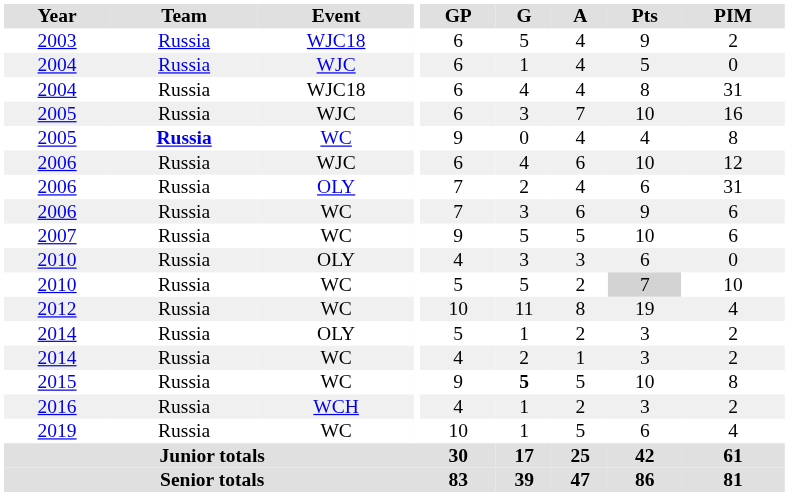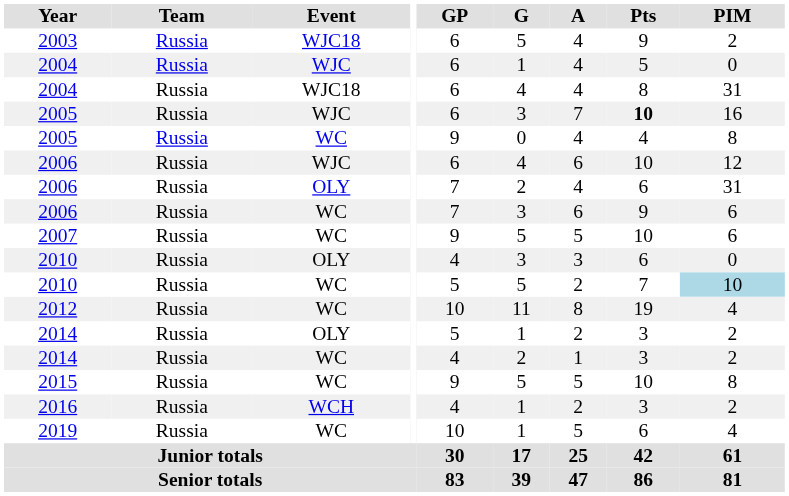 <table border="0" cellpadding="1" cellspacing="0" ID="Table3" style="text-align:center; width:40em">
 <tr bgcolor="#e0e0e0">
 <th>Year</th>
 <th>Team</th>
 <th>Event</th>
 <th rowspan="102" bgcolor="#ffffff"></th>
 <th>GP</th>
 <th>G</th>
 <th>A</th>
 <th>Pts</th>
 <th>PIM</th>
 </tr>
 <tr>
 <td><a href='#'>2003</a></td>
 <td><a href='#'>Russia</a></td>
 <td><a href='#'>WJC18</a></td>
 <td>6</td>
 <td>5</td>
 <td>4</td>
 <td>9</td>
 <td>2</td>
 </tr>
 <tr bgcolor="#f0f0f0">
 <td><a href='#'>2004</a></td>
 <td><a href='#'>Russia</a></td>
 <td><a href='#'>WJC</a></td>
 <td>6</td>
 <td>1</td>
 <td>4</td>
 <td>5</td>
 <td>0</td>
 </tr>
 <tr>
 <td><a href='#'>2004</a></td>
 <td>Russia</td>
 <td>WJC18</td>
 <td>6</td>
 <td>4</td>
 <td>4</td>
 <td>8</td>
 <td>31</td>
 </tr>
 <tr bgcolor="#f0f0f0">
 <td><a href='#'>2005</a></td>
 <td>Russia</td>
 <td>WJC</td>
 <td>6</td>
 <td>3</td>
 <td>7</td>
-<td>10</td>
+<td><strong>10</strong></td>
 <td>16</td>
 </tr>
 <tr>
 <td><a href='#'>2005</a></td>
-<td><strong><a href='#'>Russia</a></strong></td>
+<td><a href='#'>Russia</a></td>
 <td><a href='#'>WC</a></td>
 <td>9</td>
 <td>0</td>
 <td>4</td>
 <td>4</td>
 <td>8</td>
 </tr>
 <tr bgcolor="#f0f0f0">
 <td><a href='#'>2006</a></td>
 <td>Russia</td>
 <td>WJC</td>
 <td>6</td>
 <td>4</td>
 <td>6</td>
 <td>10</td>
 <td>12</td>
 </tr>
 <tr>
 <td><a href='#'>2006</a></td>
 <td>Russia</td>
 <td><a href='#'>OLY</a></td>
 <td>7</td>
 <td>2</td>
 <td>4</td>
 <td>6</td>
 <td>31</td>
 </tr>
 <tr bgcolor="#f0f0f0">
 <td><a href='#'>2006</a></td>
 <td>Russia</td>
 <td>WC</td>
 <td>7</td>
 <td>3</td>
 <td>6</td>
 <td>9</td>
 <td>6</td>
 </tr>
 <tr>
 <td><a href='#'>2007</a></td>
 <td>Russia</td>
 <td>WC</td>
 <td>9</td>
 <td>5</td>
 <td>5</td>
 <td>10</td>
 <td>6</td>
 </tr>
 <tr bgcolor="#f0f0f0">
 <td><a href='#'>2010</a></td>
 <td>Russia</td>
 <td>OLY</td>
 <td>4</td>
 <td>3</td>
 <td>3</td>
 <td>6</td>
 <td>0</td>
 </tr>
 <tr>
 <td><a href='#'>2010</a></td>
 <td>Russia</td>
 <td>WC</td>
 <td>5</td>
 <td>5</td>
 <td>2</td>
-<td style="background: lightgrey;">7</td>
-<td>10</td>
+<td>7</td>
+<td style="background: lightblue;">10</td>
 </tr>
 <tr bgcolor="#f0f0f0">
 <td><a href='#'>2012</a></td>
 <td>Russia</td>
 <td>WC</td>
 <td>10</td>
 <td>11</td>
 <td>8</td>
 <td>19</td>
 <td>4</td>
 </tr>
 <tr>
 <td><a href='#'>2014</a></td>
 <td>Russia</td>
 <td>OLY</td>
 <td>5</td>
 <td>1</td>
 <td>2</td>
 <td>3</td>
 <td>2</td>
 </tr>
 <tr bgcolor="#f0f0f0">
 <td><a href='#'>2014</a></td>
 <td>Russia</td>
 <td>WC</td>
 <td>4</td>
 <td>2</td>
 <td>1</td>
 <td>3</td>
 <td>2</td>
 </tr>
 <tr>
 <td><a href='#'>2015</a></td>
 <td>Russia</td>
 <td>WC</td>
 <td>9</td>
-<td><strong>5</strong></td>
+<td>5</td>
 <td>5</td>
 <td>10</td>
 <td>8</td>
 </tr>
 <tr bgcolor="#f0f0f0">
 <td><a href='#'>2016</a></td>
 <td>Russia</td>
 <td><a href='#'>WCH</a></td>
 <td>4</td>
 <td>1</td>
 <td>2</td>
 <td>3</td>
 <td>2</td>
 </tr>
 <tr>
 <td><a href='#'>2019</a></td>
 <td>Russia</td>
 <td>WC</td>
 <td>10</td>
 <td>1</td>
 <td>5</td>
 <td>6</td>
 <td>4</td>
 </tr>
 <tr bgcolor="#e0e0e0">
 <th colspan=4>Junior totals</th>
 <th>30</th>
 <th>17</th>
 <th>25</th>
 <th>42</th>
 <th>61</th>
 </tr>
 <tr bgcolor="#e0e0e0">
 <th colspan=4>Senior totals</th>
 <th>83</th>
 <th>39</th>
 <th>47</th>
 <th>86</th>
 <th>81</th>
 </tr>
 </table>
